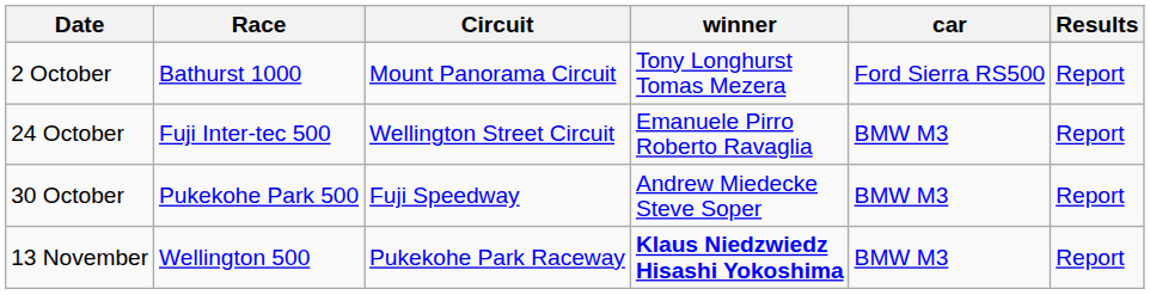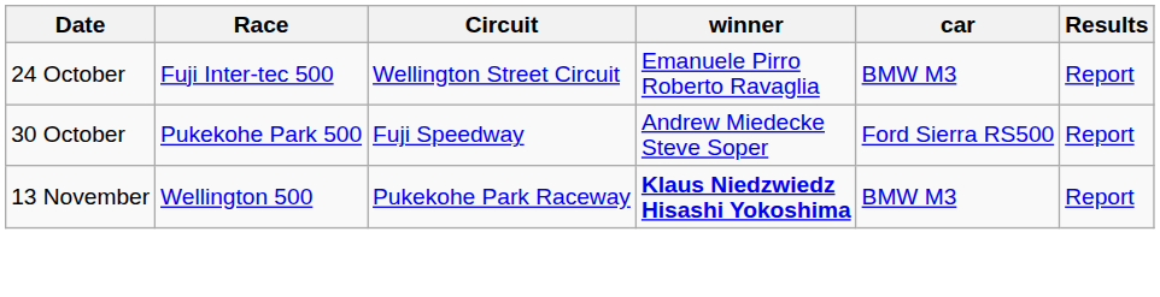 <table class="wikitable" style="font-size: 90%;">
 <tr>
 <th>Date</th>
 <th>Race</th>
 <th>Circuit</th>
 <th>winner</th>
 <th>car</th>
 <th>Results</th>
-</tr>
-<tr>
-<td>2 October</td>
-<td><a href='#'>Bathurst 1000</a></td>
-<td> <a href='#'>Mount Panorama Circuit</a></td>
-<td> <a href='#'>Tony Longhurst</a><br> <a href='#'>Tomas Mezera</a></td>
-<td><a href='#'>Ford Sierra RS500</a></td>
-<td><a href='#'>Report</a></td>
 </tr>
 <tr>
 <td>24 October</td>
 <td><a href='#'>Fuji Inter-tec 500</a></td>
 <td> <a href='#'>Wellington Street Circuit</a></td>
 <td> <a href='#'>Emanuele Pirro</a><br> <a href='#'>Roberto Ravaglia</a></td>
 <td><a href='#'>BMW M3</a></td>
 <td><a href='#'>Report</a></td>
 </tr>
 <tr>
 <td>30 October</td>
 <td><a href='#'>Pukekohe Park 500</a></td>
 <td> <a href='#'>Fuji Speedway</a></td>
 <td> <a href='#'>Andrew Miedecke</a><br> <a href='#'>Steve Soper</a></td>
-<td><a href='#'>BMW M3</a></td>
+<td><a href='#'>Ford Sierra RS500</a></td>
 <td><a href='#'>Report</a></td>
 </tr>
 <tr>
 <td>13 November</td>
 <td><a href='#'>Wellington 500</a></td>
 <td> <a href='#'>Pukekohe Park Raceway</a></td>
 <td><strong> <a href='#'>Klaus Niedzwiedz</a><br> <a href='#'>Hisashi Yokoshima</a></strong></td>
 <td><a href='#'>BMW M3</a></td>
 <td><a href='#'>Report</a></td>
 </tr>
 </table>
